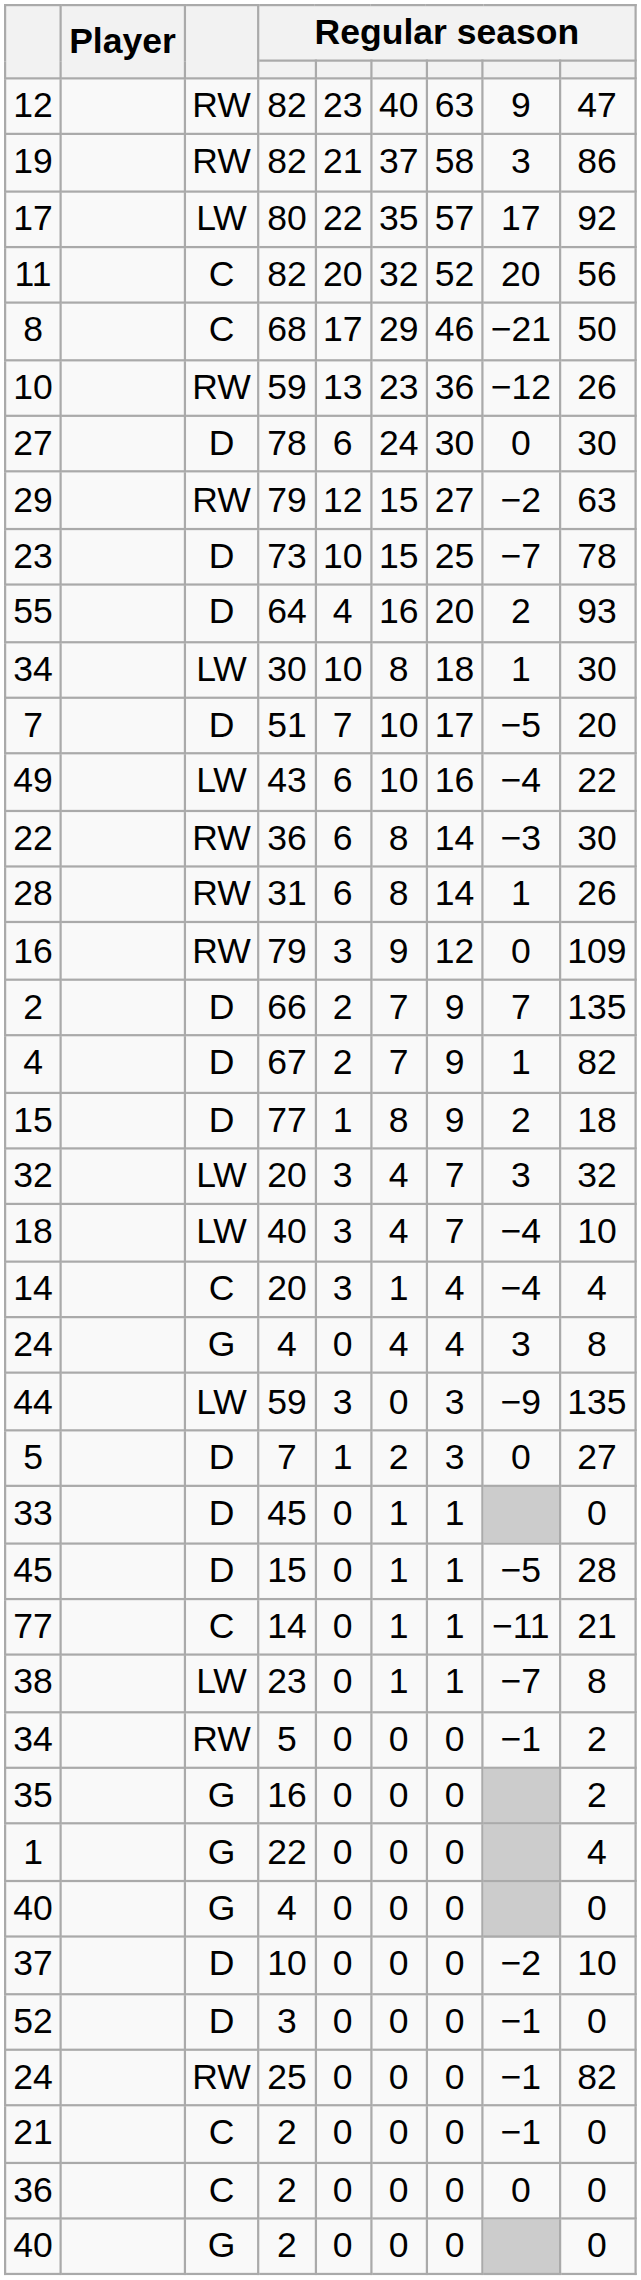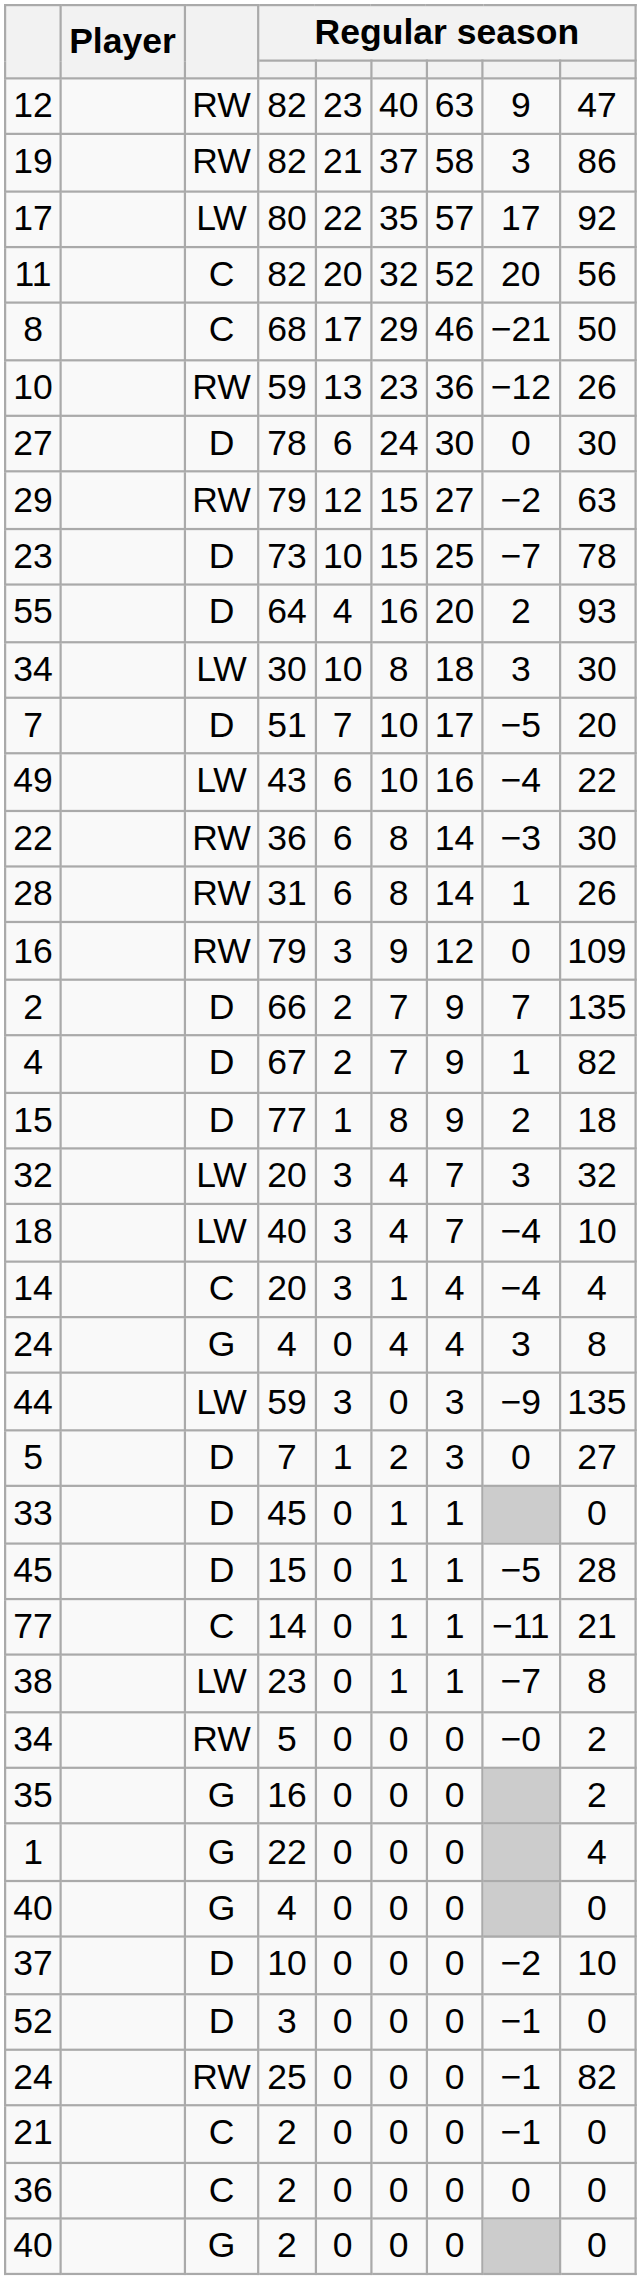 <table class="wikitable sortable plainrowheaders" style="text-align:center;">
 <tr>
 <th scope="col" data-sort-type="number" rowspan="2"></th>
 <th scope="col" rowspan="2">Player</th>
 <th scope="col" rowspan="2"></th>
 <th scope=colgroup colspan=6>Regular season</th>
 </tr>
 <tr>
 <th scope="col" data-sort-type="number"></th>
 <th scope="col" data-sort-type="number"></th>
 <th scope="col" data-sort-type="number"></th>
 <th scope="col" data-sort-type="number"></th>
 <th scope="col" data-sort-type="number"></th>
 <th scope="col" data-sort-type="number"></th>
 </tr>
 <tr>
 <td scope="row">12</td>
 <td align="left"></td>
 <td>RW</td>
 <td>82</td>
 <td>23</td>
 <td>40</td>
 <td>63</td>
 <td>9</td>
 <td>47</td>
 </tr>
 <tr>
 <td scope="row">19</td>
 <td align="left"></td>
 <td>RW</td>
 <td>82</td>
 <td>21</td>
 <td>37</td>
 <td>58</td>
 <td>3</td>
 <td>86</td>
 </tr>
 <tr>
 <td scope="row">17</td>
 <td align="left"></td>
 <td>LW</td>
 <td>80</td>
 <td>22</td>
 <td>35</td>
 <td>57</td>
 <td>17</td>
 <td>92</td>
 </tr>
 <tr>
 <td scope="row">11</td>
 <td align="left"></td>
 <td>C</td>
 <td>82</td>
 <td>20</td>
 <td>32</td>
 <td>52</td>
 <td>20</td>
 <td>56</td>
 </tr>
 <tr>
 <td scope="row">8</td>
 <td align="left"></td>
 <td>C</td>
 <td>68</td>
 <td>17</td>
 <td>29</td>
 <td>46</td>
 <td>−21</td>
 <td>50</td>
 </tr>
 <tr>
 <td scope="row">10</td>
 <td align="left"></td>
 <td>RW</td>
 <td>59</td>
 <td>13</td>
 <td>23</td>
 <td>36</td>
 <td>−12</td>
 <td>26</td>
 </tr>
 <tr>
 <td scope="row">27</td>
 <td align="left"></td>
 <td>D</td>
 <td>78</td>
 <td>6</td>
 <td>24</td>
 <td>30</td>
 <td>0</td>
 <td>30</td>
 </tr>
 <tr>
 <td scope="row">29</td>
 <td align="left"></td>
 <td>RW</td>
 <td>79</td>
 <td>12</td>
 <td>15</td>
 <td>27</td>
 <td>−2</td>
 <td>63</td>
 </tr>
 <tr>
 <td scope="row">23</td>
 <td align="left"></td>
 <td>D</td>
 <td>73</td>
 <td>10</td>
 <td>15</td>
 <td>25</td>
 <td>−7</td>
 <td>78</td>
 </tr>
 <tr>
 <td scope="row">55</td>
 <td align="left"></td>
 <td>D</td>
 <td>64</td>
 <td>4</td>
 <td>16</td>
 <td>20</td>
 <td>2</td>
 <td>93</td>
 </tr>
 <tr>
 <td scope="row">34</td>
 <td align="left"></td>
 <td>LW</td>
 <td>30</td>
 <td>10</td>
 <td>8</td>
 <td>18</td>
-<td>1</td>
+<td>3</td>
 <td>30</td>
 </tr>
 <tr>
 <td scope="row">7</td>
 <td align="left"></td>
 <td>D</td>
 <td>51</td>
 <td>7</td>
 <td>10</td>
 <td>17</td>
 <td>−5</td>
 <td>20</td>
 </tr>
 <tr>
 <td scope="row">49</td>
 <td align="left"></td>
 <td>LW</td>
 <td>43</td>
 <td>6</td>
 <td>10</td>
 <td>16</td>
 <td>−4</td>
 <td>22</td>
 </tr>
 <tr>
 <td scope="row">22</td>
 <td align="left"></td>
 <td>RW</td>
 <td>36</td>
 <td>6</td>
 <td>8</td>
 <td>14</td>
 <td>−3</td>
 <td>30</td>
 </tr>
 <tr>
 <td scope="row">28</td>
 <td align="left"></td>
 <td>RW</td>
 <td>31</td>
 <td>6</td>
 <td>8</td>
 <td>14</td>
 <td>1</td>
 <td>26</td>
 </tr>
 <tr>
 <td scope="row">16</td>
 <td align="left"></td>
 <td>RW</td>
 <td>79</td>
 <td>3</td>
 <td>9</td>
 <td>12</td>
 <td>0</td>
 <td>109</td>
 </tr>
 <tr>
 <td scope="row">2</td>
 <td align="left"></td>
 <td>D</td>
 <td>66</td>
 <td>2</td>
 <td>7</td>
 <td>9</td>
 <td>7</td>
 <td>135</td>
 </tr>
 <tr>
 <td scope="row">4</td>
 <td align="left"></td>
 <td>D</td>
 <td>67</td>
 <td>2</td>
 <td>7</td>
 <td>9</td>
 <td>1</td>
 <td>82</td>
 </tr>
 <tr>
 <td scope="row">15</td>
 <td align="left"></td>
 <td>D</td>
 <td>77</td>
 <td>1</td>
 <td>8</td>
 <td>9</td>
 <td>2</td>
 <td>18</td>
 </tr>
 <tr>
 <td scope="row">32</td>
 <td align="left"></td>
 <td>LW</td>
 <td>20</td>
 <td>3</td>
 <td>4</td>
 <td>7</td>
 <td>3</td>
 <td>32</td>
 </tr>
 <tr>
 <td scope="row">18</td>
 <td align="left"></td>
 <td>LW</td>
 <td>40</td>
 <td>3</td>
 <td>4</td>
 <td>7</td>
 <td>−4</td>
 <td>10</td>
 </tr>
 <tr>
 <td scope="row">14</td>
 <td align="left"></td>
 <td>C</td>
 <td>20</td>
 <td>3</td>
 <td>1</td>
 <td>4</td>
 <td>−4</td>
 <td>4</td>
 </tr>
 <tr>
 <td scope="row">24</td>
 <td align="left"></td>
 <td>G</td>
 <td>4</td>
 <td>0</td>
 <td>4</td>
 <td>4</td>
 <td>3</td>
 <td>8</td>
 </tr>
 <tr>
 <td scope="row">44</td>
 <td align="left"></td>
 <td>LW</td>
 <td>59</td>
 <td>3</td>
 <td>0</td>
 <td>3</td>
 <td>−9</td>
 <td>135</td>
 </tr>
 <tr>
 <td scope="row">5</td>
 <td align="left"></td>
 <td>D</td>
 <td>7</td>
 <td>1</td>
 <td>2</td>
 <td>3</td>
 <td>0</td>
 <td>27</td>
 </tr>
 <tr>
 <td scope="row">33</td>
 <td align="left"></td>
 <td>D</td>
 <td>45</td>
 <td>0</td>
 <td>1</td>
 <td>1</td>
 <td style="background:#ccc"></td>
 <td>0</td>
 </tr>
 <tr>
 <td scope="row">45</td>
 <td align="left"></td>
 <td>D</td>
 <td>15</td>
 <td>0</td>
 <td>1</td>
 <td>1</td>
 <td>−5</td>
 <td>28</td>
 </tr>
 <tr>
 <td scope="row">77</td>
 <td align="left"></td>
 <td>C</td>
 <td>14</td>
 <td>0</td>
 <td>1</td>
 <td>1</td>
 <td>−11</td>
 <td>21</td>
 </tr>
 <tr>
 <td scope="row">38</td>
 <td align="left"></td>
 <td>LW</td>
 <td>23</td>
 <td>0</td>
 <td>1</td>
 <td>1</td>
 <td>−7</td>
 <td>8</td>
 </tr>
 <tr>
 <td scope="row">34</td>
 <td align="left"></td>
 <td>RW</td>
 <td>5</td>
 <td>0</td>
 <td>0</td>
 <td>0</td>
-<td>−1</td>
+<td>−0</td>
 <td>2</td>
 </tr>
 <tr>
 <td scope="row">35</td>
 <td align="left"></td>
 <td>G</td>
 <td>16</td>
 <td>0</td>
 <td>0</td>
 <td>0</td>
 <td style="background:#ccc"></td>
 <td>2</td>
 </tr>
 <tr>
 <td scope="row">1</td>
 <td align="left"></td>
 <td>G</td>
 <td>22</td>
 <td>0</td>
 <td>0</td>
 <td>0</td>
 <td style="background:#ccc"></td>
 <td>4</td>
 </tr>
 <tr>
 <td scope="row">40</td>
 <td align="left"></td>
 <td>G</td>
 <td>4</td>
 <td>0</td>
 <td>0</td>
 <td>0</td>
 <td style="background:#ccc"></td>
 <td>0</td>
 </tr>
 <tr>
 <td scope="row">37</td>
 <td align="left"></td>
 <td>D</td>
 <td>10</td>
 <td>0</td>
 <td>0</td>
 <td>0</td>
 <td>−2</td>
 <td>10</td>
 </tr>
 <tr>
 <td scope="row">52</td>
 <td align="left"></td>
 <td>D</td>
 <td>3</td>
 <td>0</td>
 <td>0</td>
 <td>0</td>
 <td>−1</td>
 <td>0</td>
 </tr>
 <tr>
 <td scope="row">24</td>
 <td align="left"></td>
 <td>RW</td>
 <td>25</td>
 <td>0</td>
 <td>0</td>
 <td>0</td>
 <td>−1</td>
 <td>82</td>
 </tr>
 <tr>
 <td scope="row">21</td>
 <td align="left"></td>
 <td>C</td>
 <td>2</td>
 <td>0</td>
 <td>0</td>
 <td>0</td>
 <td>−1</td>
 <td>0</td>
 </tr>
 <tr>
 <td scope="row">36</td>
 <td align="left"></td>
 <td>C</td>
 <td>2</td>
 <td>0</td>
 <td>0</td>
 <td>0</td>
 <td>0</td>
 <td>0</td>
 </tr>
 <tr>
 <td scope="row">40</td>
 <td align="left"></td>
 <td>G</td>
 <td>2</td>
 <td>0</td>
 <td>0</td>
 <td>0</td>
 <td style="background:#ccc"></td>
 <td>0</td>
 </tr>
 </table>
